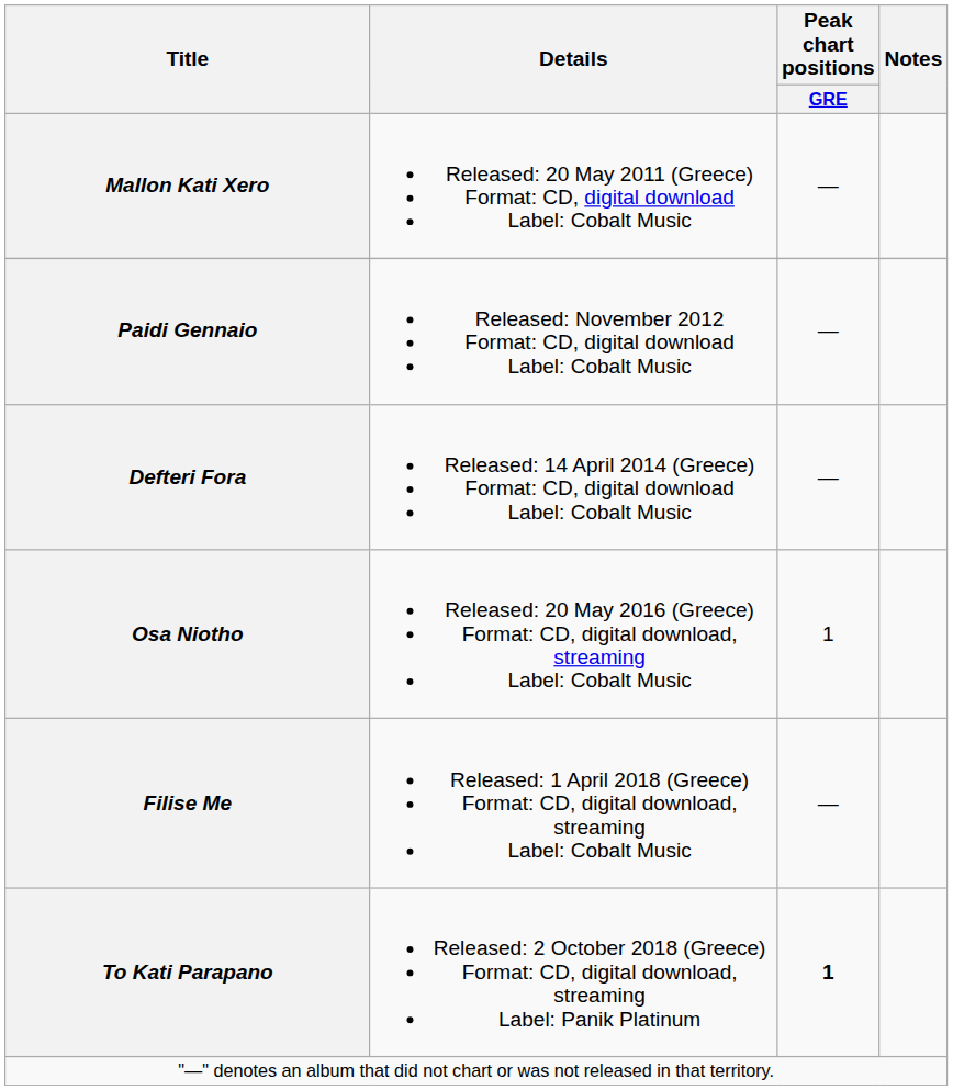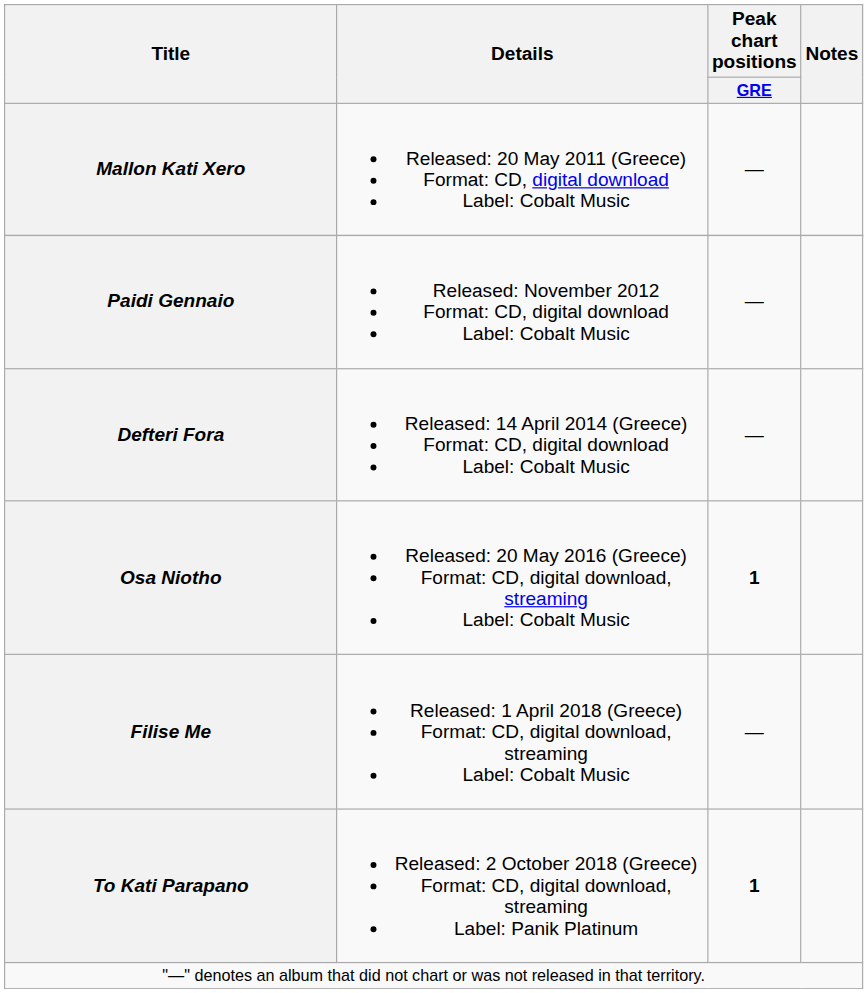 <table class="wikitable plainrowheaders" style="text-align:center;">
 <tr>
 <th scope="col" rowspan="2" style="width:17em;">Title</th>
 <th scope="col" rowspan="2" style="width:19em;">Details</th>
 <th scope="col" colspan="1">Peak chart positions</th>
 <th scope="col" rowspan="2">Notes</th>
 </tr>
 <tr>
 <th scope="col" style="width:3em;font-size:85%;"><a href='#'>GRE</a><br></th>
 </tr>
 <tr>
 <th scope="row"><em>Mallon Kati Xero</em></th>
 <td><br><ul><li>Released: 20 May 2011 (Greece)</li><li>Format: CD, <a href='#'>digital download</a></li><li>Label: Cobalt Music</li></ul></td>
 <td>—</td>
 <td></td>
 </tr>
 <tr>
 </tr>
 <tr>
 <th scope="row"><em>Paidi Gennaio</em></th>
 <td><br><ul><li>Released: November 2012</li><li>Format: CD, digital download</li><li>Label: Cobalt Music</li></ul></td>
 <td>—</td>
 <td></td>
 </tr>
 <tr>
 <th scope="row"><em>Defteri Fora</em></th>
 <td><br><ul><li>Released: 14 April 2014 (Greece)</li><li>Format: CD, digital download</li><li>Label: Cobalt Music</li></ul></td>
 <td>—</td>
 <td></td>
 </tr>
 <tr>
 <th scope="row"><em>Osa Niotho</em></th>
 <td><br><ul><li>Released: 20 May 2016 (Greece)</li><li>Format: CD, digital download, <a href='#'>streaming</a></li><li>Label: Cobalt Music</li></ul></td>
-<td>1</td>
+<td><strong>1</strong></td>
 <td></td>
 </tr>
 <tr>
 <th scope="row"><em>Filise Me</em></th>
 <td><br><ul><li>Released: 1 April 2018 (Greece)</li><li>Format: CD, digital download, streaming</li><li>Label: Cobalt Music</li></ul></td>
 <td>—</td>
 <td></td>
 </tr>
 <tr>
 <th scope="row"><em>To Kati Parapano</em></th>
 <td><br><ul><li>Released: 2 October 2018 (Greece)</li><li>Format: CD, digital download, streaming</li><li>Label: Panik Platinum</li></ul></td>
 <td><strong>1</strong></td>
 <td></td>
 </tr>
 <tr>
 <td colspan="18" style="font-size:85%">"—" denotes an album that did not chart or was not released in that territory.</td>
 </tr>
 </table>
